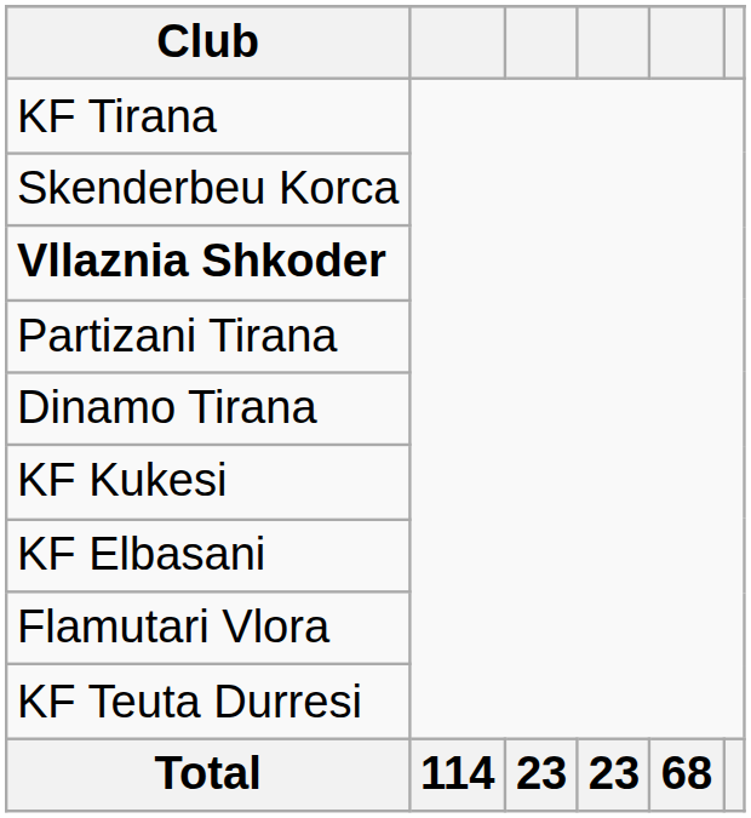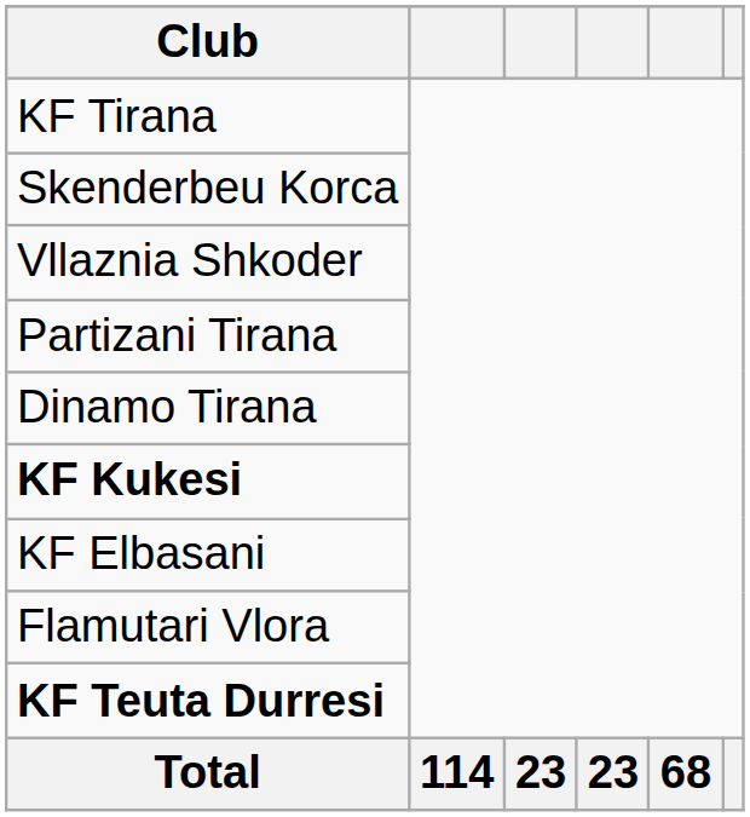 <table class="wikitable floatright">
 <tr>
 </tr>
 <tr>
 <th>Club</th>
 <th></th>
 <th></th>
 <th></th>
 <th></th>
 <th></th>
 </tr>
 <tr>
 <td>KF Tirana<br></td>
 </tr>
 <tr>
 <td>Skenderbeu Korca<br></td>
 </tr>
 <tr>
-<td><strong>Vllaznia Shkoder<br></strong></td>
+<td>Vllaznia Shkoder<br></td>
 </tr>
 <tr>
 <td>Partizani Tirana<br></td>
 </tr>
 <tr>
 <td>Dinamo Tirana<br></td>
 </tr>
 <tr>
-<td>KF Kukesi<br></td>
+<td><strong>KF Kukesi<br></strong></td>
 </tr>
 <tr>
 <td>KF Elbasani<br></td>
 </tr>
 <tr>
 <td>Flamutari Vlora<br></td>
 </tr>
 <tr>
-<td>KF Teuta Durresi<br></td>
+<td><strong>KF Teuta Durresi<br></strong></td>
 </tr>
 <tr>
 <th>Total</th>
 <th>114</th>
 <th>23</th>
 <th>23</th>
 <th>68</th>
 <th></th>
 </tr>
 </table>
